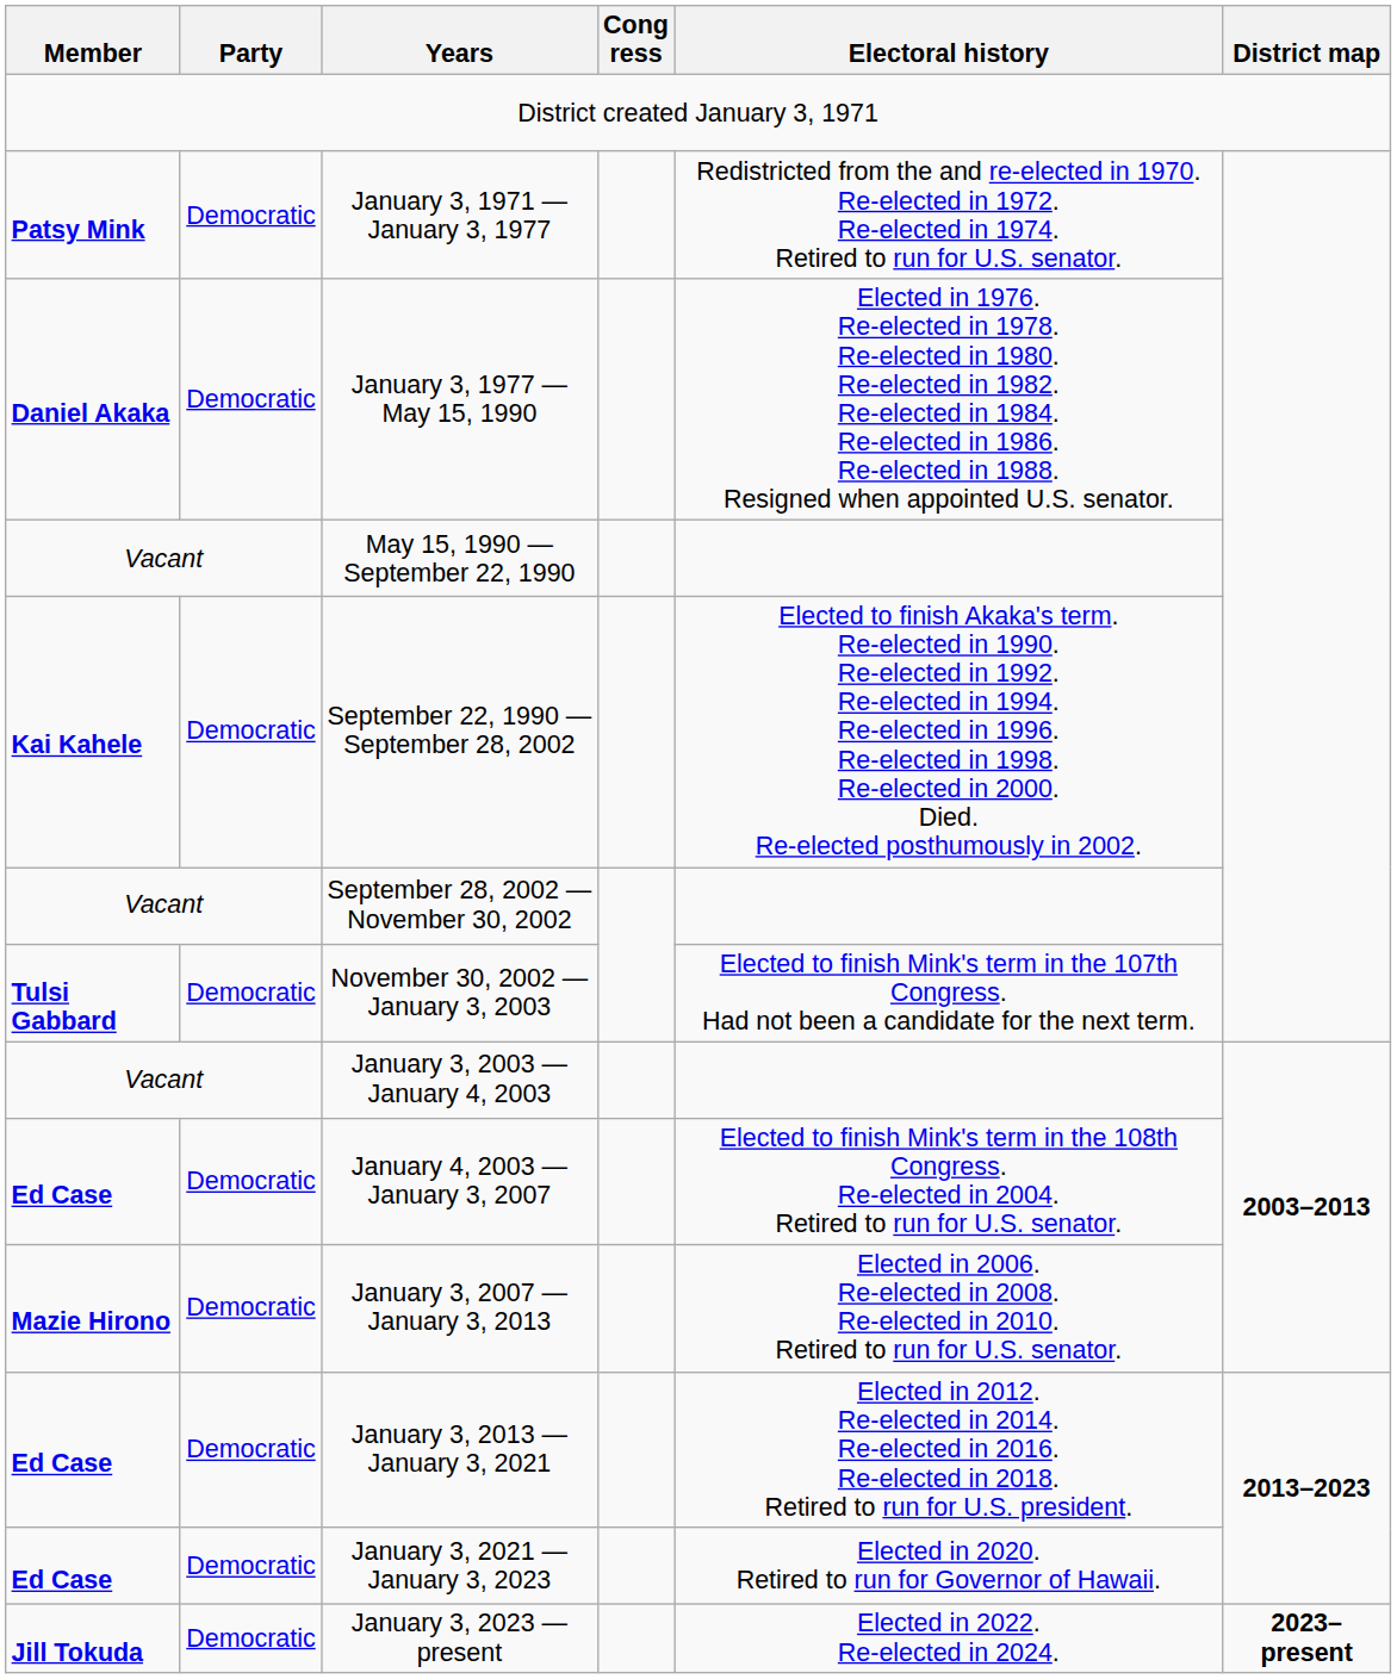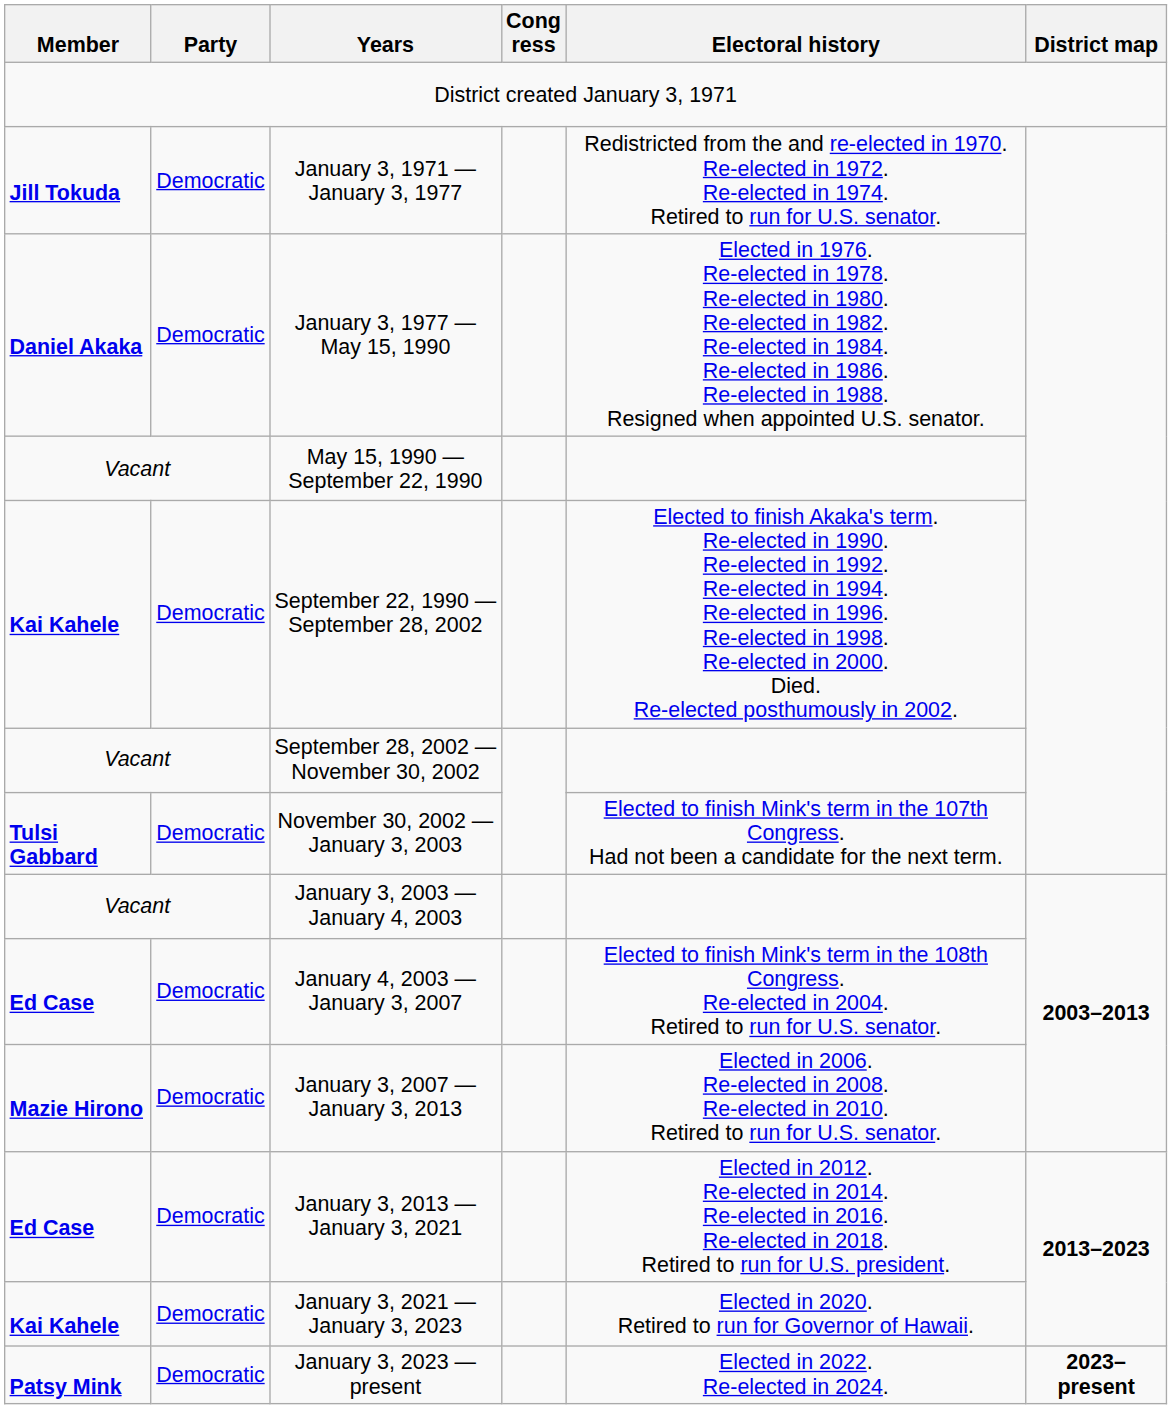 <table class=wikitable style="text-align:center">
 <tr valign=bottom>
 <th>Member</th>
 <th>Party</th>
 <th>Years</th>
 <th>Cong<br>ress</th>
 <th>Electoral history</th>
 <th>District map</th>
 </tr>
 <tr style="height:3em">
 <td colspan=6>District created January 3, 1971</td>
 </tr>
 <tr style="height:3em">
-<td align=left><br><strong><a href='#'>Patsy Mink</a></strong><br></td>
+<td align=left><br><strong><a href='#'>Jill Tokuda</a></strong><br></td>
 <td><a href='#'>Democratic</a></td>
 <td nowrap>January 3, 1971 —<br>January 3, 1977</td>
 <td></td>
 <td>Redistricted from the  and <a href='#'>re-elected in 1970</a>.<br><a href='#'>Re-elected in 1972</a>.<br><a href='#'>Re-elected in 1974</a>.<br>Retired to <a href='#'>run for U.S. senator</a>.</td>
 <td rowspan=6></td>
 </tr>
 <tr style="height:3em">
 <td align=left><br><strong><a href='#'>Daniel Akaka</a></strong><br></td>
 <td><a href='#'>Democratic</a></td>
 <td nowrap>January 3, 1977 —<br>May 15, 1990</td>
 <td></td>
 <td><a href='#'>Elected in 1976</a>.<br><a href='#'>Re-elected in 1978</a>.<br><a href='#'>Re-elected in 1980</a>.<br><a href='#'>Re-elected in 1982</a>.<br><a href='#'>Re-elected in 1984</a>.<br><a href='#'>Re-elected in 1986</a>.<br><a href='#'>Re-elected in 1988</a>.<br>Resigned when appointed U.S. senator.</td>
 </tr>
 <tr style="height:3em">
 <td colspan=2><em>Vacant</em></td>
 <td nowrap>May 15, 1990 —<br>September 22, 1990</td>
 <td></td>
 <td></td>
 </tr>
 <tr style="height:3em">
 <td align=left><br><strong><a href='#'>Kai Kahele</a></strong><br></td>
 <td><a href='#'>Democratic</a></td>
 <td nowrap>September 22, 1990 —<br>September 28, 2002</td>
 <td></td>
 <td><a href='#'>Elected to finish Akaka's term</a>.<br><a href='#'>Re-elected in 1990</a>.<br><a href='#'>Re-elected in 1992</a>.<br><a href='#'>Re-elected in 1994</a>.<br><a href='#'>Re-elected in 1996</a>.<br><a href='#'>Re-elected in 1998</a>.<br><a href='#'>Re-elected in 2000</a>.<br>Died.<br><a href='#'>Re-elected posthumously in 2002</a>.</td>
 </tr>
 <tr style="height:3em">
 <td colspan=2><em>Vacant</em></td>
 <td nowrap>September 28, 2002 —<br>November 30, 2002</td>
 <td rowspan=2></td>
 <td></td>
 </tr>
 <tr style="height:3em">
 <td align=left><br><strong><a href='#'>Tulsi Gabbard</a></strong><br></td>
 <td><a href='#'>Democratic</a></td>
 <td nowrap>November 30, 2002 —<br>January 3, 2003</td>
 <td><a href='#'>Elected to finish Mink's term in the 107th Congress</a>.<br>Had not been a candidate for the next term.</td>
 </tr>
 <tr style="height:3em">
 <td colspan=2><em>Vacant</em></td>
 <td nowrap>January 3, 2003 —<br>January 4, 2003</td>
 <td></td>
 <td></td>
 <td rowspan=3><strong>2003–2013</strong><br></td>
 </tr>
 <tr style="height:3em">
 <td align=left><br><strong><a href='#'>Ed Case</a></strong><br></td>
 <td><a href='#'>Democratic</a></td>
 <td nowrap>January 4, 2003 —<br>January 3, 2007</td>
 <td></td>
 <td><a href='#'>Elected to finish Mink's term in the 108th Congress</a>.<br><a href='#'>Re-elected in 2004</a>.<br>Retired to <a href='#'>run for U.S. senator</a>.</td>
 </tr>
 <tr style="height:3em">
 <td align=left><br><strong><a href='#'>Mazie Hirono</a></strong><br></td>
 <td><a href='#'>Democratic</a></td>
 <td nowrap>January 3, 2007 —<br>January 3, 2013</td>
 <td></td>
 <td><a href='#'>Elected in 2006</a>.<br><a href='#'>Re-elected in 2008</a>.<br><a href='#'>Re-elected in 2010</a>.<br>Retired to <a href='#'>run for U.S. senator</a>.</td>
 </tr>
 <tr style="height:3em">
 <td align=left><br><strong><a href='#'>Ed Case</a></strong><br></td>
 <td><a href='#'>Democratic</a></td>
 <td nowrap>January 3, 2013 —<br>January 3, 2021</td>
 <td></td>
 <td><a href='#'>Elected in 2012</a>.<br><a href='#'>Re-elected in 2014</a>.<br><a href='#'>Re-elected in 2016</a>.<br><a href='#'>Re-elected in 2018</a>.<br>Retired to <a href='#'>run for U.S. president</a>.</td>
 <td rowspan=2><strong>2013–2023</strong><br></td>
 </tr>
 <tr style="height:3em">
-<td align=left><br><strong><a href='#'>Ed Case</a></strong><br></td>
+<td align=left><br><strong><a href='#'>Kai Kahele</a></strong><br></td>
 <td><a href='#'>Democratic</a></td>
 <td nowrap>January 3, 2021 —<br>January 3, 2023</td>
 <td></td>
 <td><a href='#'>Elected in 2020</a>.<br>Retired to <a href='#'>run for Governor of Hawaii</a>.</td>
 </tr>
 <tr style="heigth:3em">
-<td align=left><br><strong><a href='#'>Jill Tokuda</a></strong><br></td>
+<td align=left><br><strong><a href='#'>Patsy Mink</a></strong><br></td>
 <td><a href='#'>Democratic</a></td>
 <td nowrap>January 3, 2023 —<br>present</td>
 <td></td>
 <td><a href='#'>Elected in 2022</a>.<br><a href='#'>Re-elected in 2024</a>.</td>
 <td><strong>2023–present</strong><br></td>
 </tr>
 </table>
